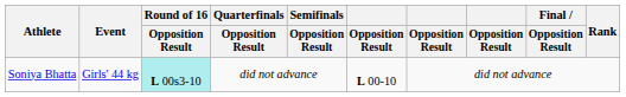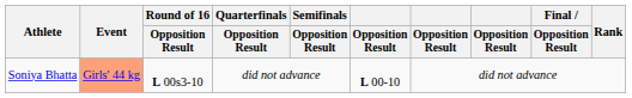 <table class="wikitable" style="font-size:90%">
 <tr>
 <th rowspan="2">Athlete</th>
 <th rowspan="2">Event</th>
 <th>Round of 16</th>
 <th>Quarterfinals</th>
 <th>Semifinals</th>
 <th></th>
 <th></th>
 <th></th>
 <th>Final / </th>
 <th rowspan=2>Rank</th>
 </tr>
 <tr style="font-size:95%">
 <th>Opposition<br>Result</th>
 <th>Opposition<br>Result</th>
 <th>Opposition<br>Result</th>
 <th>Opposition<br>Result</th>
 <th>Opposition<br>Result</th>
 <th>Opposition<br>Result</th>
 <th>Opposition<br>Result</th>
 </tr>
 <tr align=center>
 <td align=left><a href='#'>Soniya Bhatta</a></td>
-<td align=left><a href='#'>Girls' 44 kg</a></td>
-<td style="background: paleturquoise;"><br> <strong>L</strong> 00s3-10</td>
+<td align=left style="background: lightsalmon;"><a href='#'>Girls' 44 kg</a></td>
+<td><br> <strong>L</strong> 00s3-10</td>
 <td colspan=2><em>did not advance</em></td>
 <td><br> <strong>L</strong> 00-10</td>
 <td colspan=4><em>did not advance</em></td>
 </tr>
 </table>
